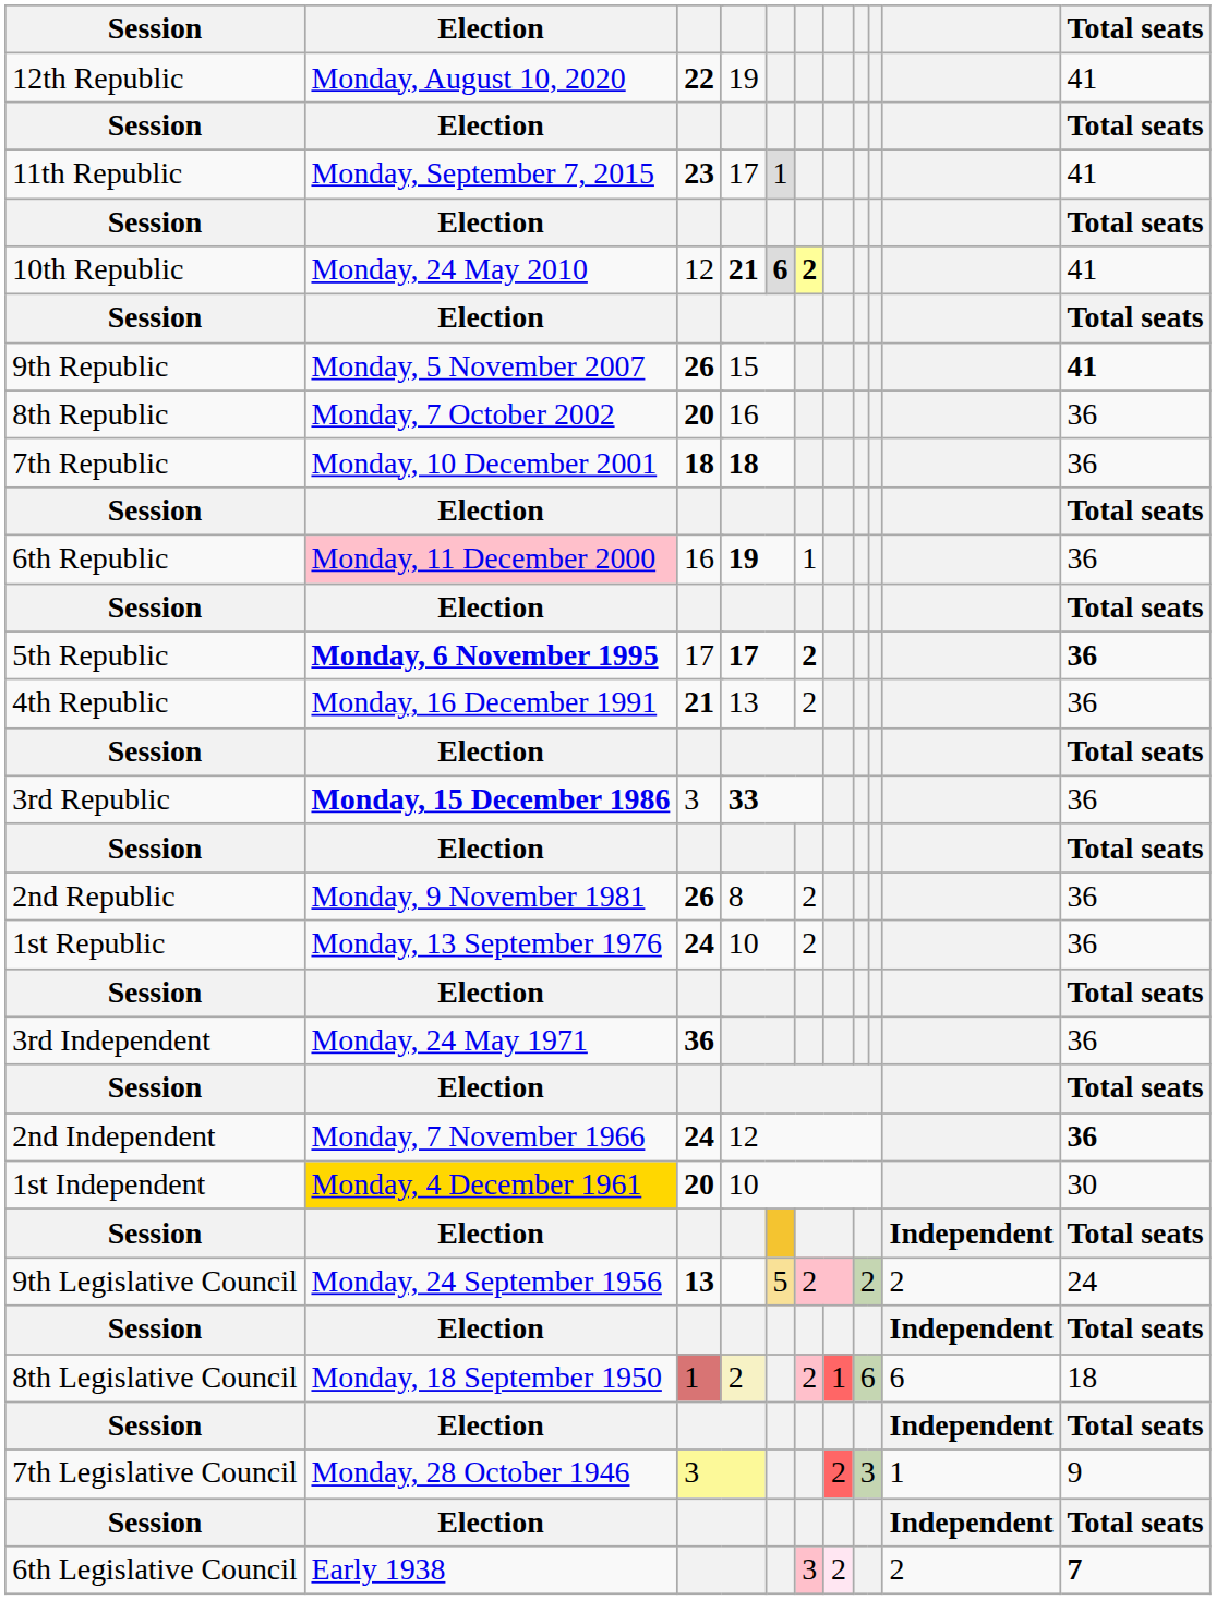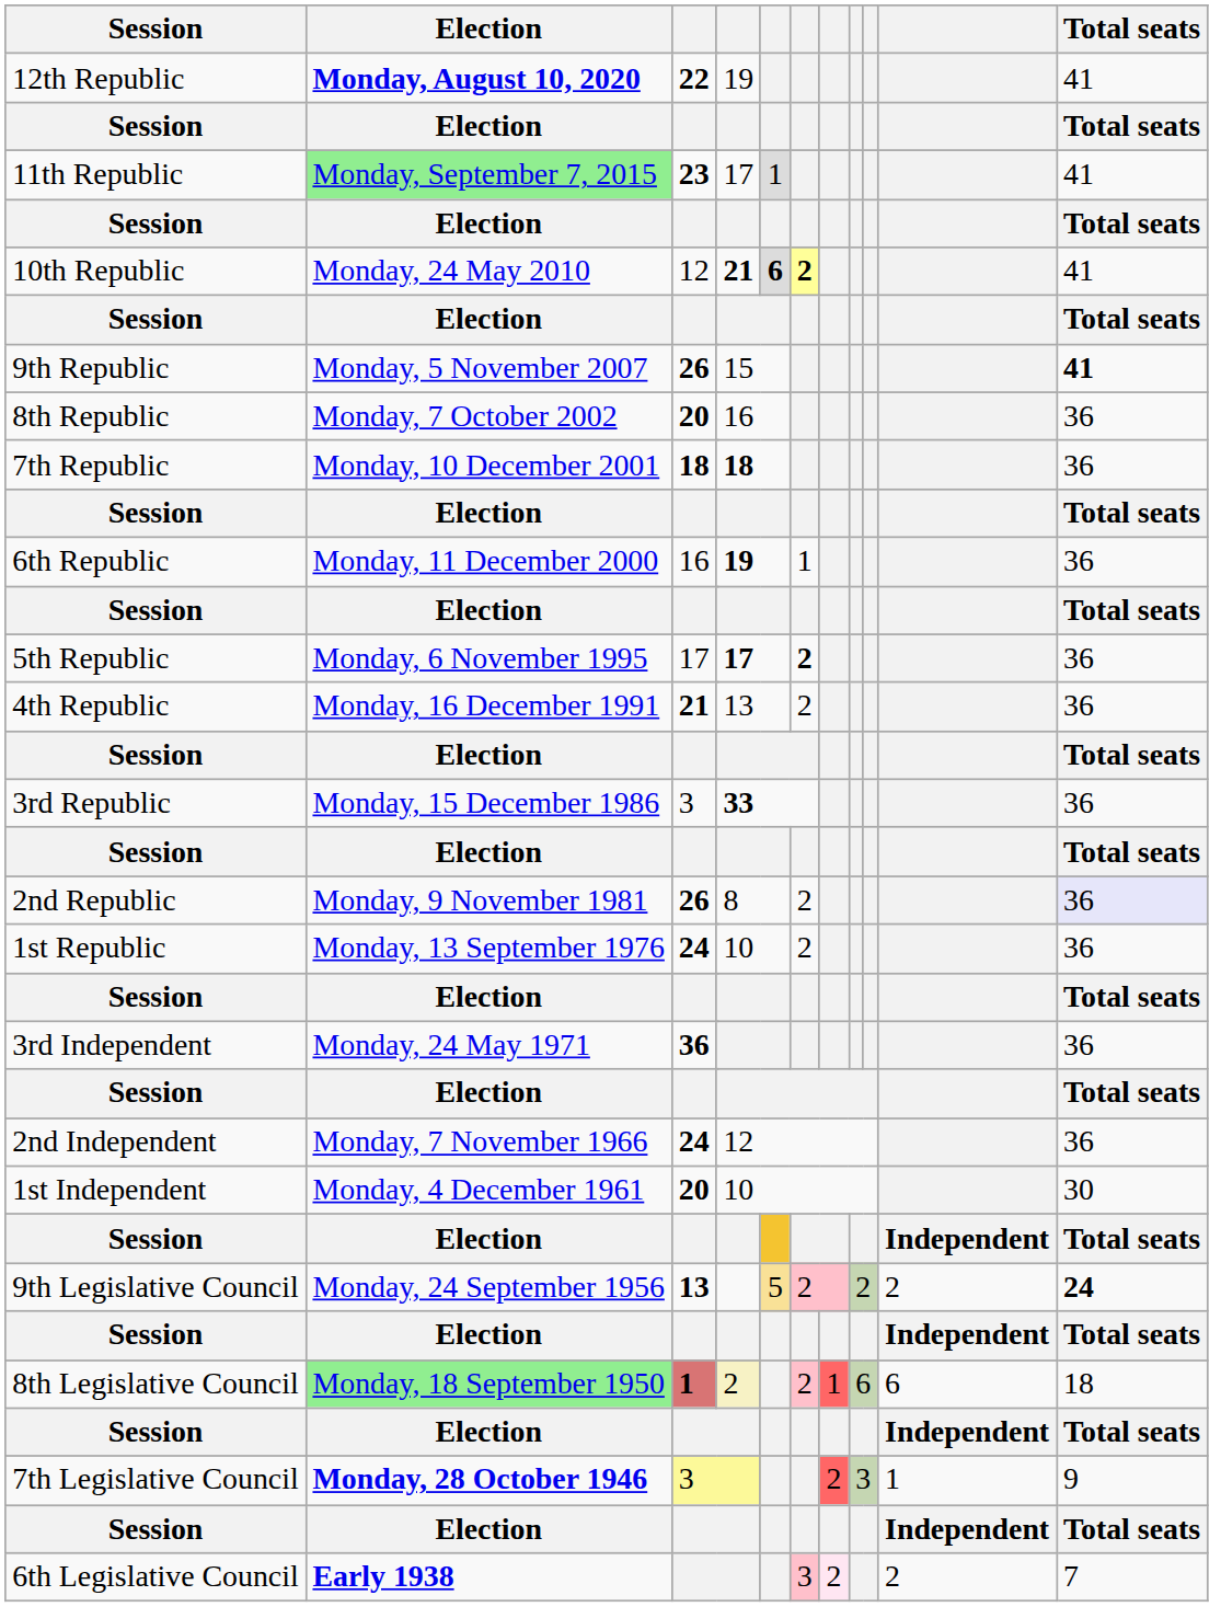 <table class="wikitable">
 <tr>
 <th>Session</th>
 <th>Election</th>
 <th colspan="2" style="background:"><a href='#'></a></th>
 <th style="background:"><a href='#'></a> </th>
 <th></th>
 <th></th>
 <th></th>
 <th></th>
 <th></th>
 <th></th>
 <th>Total seats</th>
 </tr>
 <tr>
 <td>12th Republic</td>
-<td><a href='#'>Monday, August 10, 2020</a></td>
+<td><strong><a href='#'>Monday, August 10, 2020</a></strong></td>
 <td colspan="2" ><strong>22</strong></td>
 <td>19</td>
 <th></th>
 <th></th>
 <th></th>
 <th></th>
 <th></th>
 <th></th>
 <td>41</td>
 </tr>
 <tr>
 <th>Session</th>
 <th>Election</th>
 <th colspan="2" style="background:"><a href='#'></a></th>
 <th style="background:"><a href='#'></a> </th>
 <th style="background:"><a href='#'></a></th>
 <th></th>
 <th></th>
 <th></th>
 <th></th>
 <th></th>
 <th>Total seats</th>
 </tr>
 <tr>
 <td>11th Republic</td>
-<td><a href='#'>Monday, September 7, 2015</a></td>
+<td style="background: lightgreen;"><a href='#'>Monday, September 7, 2015</a></td>
 <td colspan="2" ><strong>23</strong></td>
 <td>17</td>
 <td bgcolor="DCDCDC">1</td>
 <th></th>
 <th></th>
 <th></th>
 <th></th>
 <th></th>
 <td>41</td>
 </tr>
 <tr>
 <th>Session</th>
 <th>Election</th>
 <th colspan="2" style="background:"><a href='#'></a></th>
 <th style="background:"><a href='#'></a> </th>
 <th style="background:"><a href='#'></a></th>
 <th style="background:"><a href='#'></a></th>
 <th></th>
 <th></th>
 <th></th>
 <th></th>
 <th>Total seats</th>
 </tr>
 <tr>
 <td>10th Republic</td>
 <td><a href='#'>Monday, 24 May 2010</a></td>
 <td colspan="2" >12</td>
 <td><strong>21</strong></td>
 <td bgcolor="DCDCDC"><strong>6</strong></td>
 <td bgcolor="ffff99"><strong>2</strong></td>
 <th></th>
 <th></th>
 <th></th>
 <th></th>
 <td>41</td>
 </tr>
 <tr>
 <th>Session</th>
 <th>Election</th>
 <th colspan="2" style="background:"><a href='#'></a></th>
 <th colspan="2" style="background:"><a href='#'></a></th>
 <th></th>
 <th></th>
 <th></th>
 <th></th>
 <th></th>
 <th>Total seats</th>
 </tr>
 <tr>
 <td>9th Republic</td>
 <td><a href='#'>Monday, 5 November 2007</a></td>
 <td colspan="2" ><strong>26</strong></td>
 <td colspan="2" >15</td>
 <th></th>
 <th></th>
 <th></th>
 <th></th>
 <th></th>
 <td><strong>41</strong></td>
 </tr>
 <tr>
 <td>8th Republic</td>
 <td><a href='#'>Monday, 7 October 2002</a></td>
 <td colspan="2" ><strong>20</strong></td>
 <td colspan="2" >16</td>
 <th></th>
 <th></th>
 <th></th>
 <th></th>
 <th></th>
 <td>36</td>
 </tr>
 <tr>
 <td>7th Republic</td>
 <td><a href='#'>Monday, 10 December 2001</a></td>
 <td colspan="2" ><strong>18</strong></td>
 <td colspan="2" ><strong>18</strong></td>
 <th></th>
 <th></th>
 <th></th>
 <th></th>
 <th></th>
 <td>36</td>
 </tr>
 <tr>
 <th>Session</th>
 <th>Election</th>
 <th colspan="2" style="background:"><a href='#'></a></th>
 <th colspan="2" style="background:"><a href='#'></a></th>
 <th style="background:"><a href='#'></a></th>
 <th></th>
 <th></th>
 <th></th>
 <th></th>
 <th>Total seats</th>
 </tr>
 <tr>
 <td>6th Republic</td>
-<td style="background: pink;"><a href='#'>Monday, 11 December 2000</a></td>
+<td><a href='#'>Monday, 11 December 2000</a></td>
 <td colspan="2" >16</td>
 <td colspan="2" ><strong>19</strong></td>
 <td>1</td>
 <th></th>
 <th></th>
 <th></th>
 <th></th>
 <td>36</td>
 </tr>
 <tr>
 <th>Session</th>
 <th>Election</th>
 <th colspan="2" style="background:"><a href='#'></a></th>
 <th colspan="2" style="background:"><a href='#'></a></th>
 <th style="background:"><a href='#'></a></th>
 <th></th>
 <th></th>
 <th></th>
 <th></th>
 <th>Total seats</th>
 </tr>
 <tr>
 <td>5th Republic</td>
-<td><strong><a href='#'>Monday, 6 November 1995</a></strong></td>
+<td><a href='#'>Monday, 6 November 1995</a></td>
 <td colspan="2" >17</td>
 <td colspan="2" ><strong>17</strong></td>
 <td><strong>2</strong></td>
 <th></th>
 <th></th>
 <th></th>
 <th></th>
-<td><strong>36</strong></td>
+<td>36</td>
 </tr>
 <tr>
 <td>4th Republic</td>
 <td><a href='#'>Monday, 16 December 1991</a></td>
 <td colspan="2" ><strong>21</strong></td>
 <td colspan="2" >13</td>
 <td>2</td>
 <th></th>
 <th></th>
 <th></th>
 <th></th>
 <td>36</td>
 </tr>
 <tr>
 <th>Session</th>
 <th>Election</th>
 <th colspan="2" style="background:"><a href='#'></a></th>
 <th colspan="3" style="background:"><a href='#'></a></th>
 <th></th>
 <th></th>
 <th></th>
 <th></th>
 <th>Total seats</th>
 </tr>
 <tr>
 <td>3rd Republic</td>
-<td><strong><a href='#'>Monday, 15 December 1986</a></strong></td>
+<td><a href='#'>Monday, 15 December 1986</a></td>
 <td colspan="2" >3</td>
 <td colspan="3" ><strong>33</strong></td>
 <th></th>
 <th></th>
 <th></th>
 <th></th>
 <td>36</td>
 </tr>
 <tr>
 <th>Session</th>
 <th>Election</th>
 <th colspan="2" style="background:"><a href='#'></a></th>
 <th colspan="2" style="background:"><a href='#'></a></th>
 <th style="background:"><a href='#'></a></th>
 <th></th>
 <th></th>
 <th></th>
 <th></th>
 <th>Total seats</th>
 </tr>
 <tr>
 <td>2nd Republic</td>
 <td><a href='#'>Monday, 9 November 1981</a></td>
 <td colspan="2" ><strong>26</strong></td>
 <td colspan="2" >8</td>
 <td>2</td>
 <th></th>
 <th></th>
 <th></th>
 <th></th>
-<td>36</td>
+<td style="background: lavender;">36</td>
 </tr>
 <tr>
 <td>1st Republic</td>
 <td><a href='#'>Monday, 13 September 1976</a></td>
 <td colspan="2" ><strong>24</strong></td>
 <td colspan="2" >10</td>
 <td>2</td>
 <th></th>
 <th></th>
 <th></th>
 <th></th>
 <td>36</td>
 </tr>
 <tr>
 <th>Session</th>
 <th>Election</th>
 <th colspan="2" style="background:"><a href='#'></a></th>
 <th colspan="2"></th>
 <th></th>
 <th></th>
 <th></th>
 <th></th>
 <th></th>
 <th>Total seats</th>
 </tr>
 <tr>
 <td>3rd Independent</td>
 <td><a href='#'>Monday, 24 May 1971</a></td>
 <td colspan="2" ><strong>36</strong></td>
 <th colspan="2"></th>
 <th></th>
 <th></th>
 <th></th>
 <th></th>
 <th></th>
 <td>36</td>
 </tr>
 <tr>
 <th>Session</th>
 <th>Election</th>
 <th colspan="2" style="background:"><a href='#'></a></th>
 <th colspan="6" style="background:"><a href='#'></a></th>
 <th></th>
 <th>Total seats</th>
 </tr>
 <tr>
 <td>2nd Independent</td>
 <td><a href='#'>Monday, 7 November 1966</a></td>
 <td colspan="2" ><strong>24</strong></td>
 <td colspan="6" >12</td>
 <th></th>
-<td><strong>36</strong></td>
+<td>36</td>
 </tr>
 <tr>
 <td>1st Independent</td>
-<td style="background: gold;"><a href='#'>Monday, 4 December 1961</a></td>
+<td><a href='#'>Monday, 4 December 1961</a></td>
 <td colspan="2" ><strong>20</strong></td>
 <td colspan="6" >10</td>
 <th></th>
 <td>30</td>
 </tr>
 <tr>
 <th>Session</th>
 <th>Election</th>
 <th colspan="2" style="background:"><a href='#'></a></th>
 <th></th>
 <th style="background:#f4c430;"><a href='#'></a></th>
 <th colspan="2" style="background:"><a href='#'></a></th>
 <th colspan="2" style="background:"><a href='#'></a></th>
 <th>Independent</th>
 <th>Total seats</th>
 </tr>
 <tr>
 <td>9th Legislative Council</td>
 <td><a href='#'>Monday, 24 September 1956</a></td>
 <td colspan="2" ><strong>13</strong></td>
 <td></td>
 <td bgcolor="F9E197">5</td>
 <td colspan="2" bgcolor="ffc0cb">2</td>
 <td colspan="2" bgcolor="C5D6B2">2</td>
 <td>2</td>
-<td>24</td>
+<td><strong>24</strong></td>
 </tr>
 <tr>
 <th>Session</th>
 <th>Election</th>
 <th style="background:"><a href='#'></a></th>
 <th colspan="2" style="background:"><a href='#'></a></th>
 <th></th>
 <th style="background:"><a href='#'></a></th>
 <th style="background:"><a href='#'></a></th>
 <th colspan="2" style="background:"><a href='#'></a></th>
 <th>Independent</th>
 <th>Total seats</th>
 </tr>
 <tr>
 <td>8th Legislative Council</td>
-<td><a href='#'>Monday, 18 September 1950</a></td>
-<td bgcolor="D87474">1</td>
+<td style="background: lightgreen;"><a href='#'>Monday, 18 September 1950</a></td>
+<td bgcolor="D87474"><strong>1</strong></td>
 <td colspan="2" bgcolor="F7F2C5">2</td>
 <th></th>
 <td bgcolor="ffc0cb">2</td>
 <td bgcolor="FF6666">1</td>
 <td colspan="2" bgcolor="C5D6B2">6</td>
 <td>6</td>
 <td>18</td>
 </tr>
 <tr>
 <th>Session</th>
 <th>Election</th>
 <th colspan="3" style="background:"><a href='#'></a></th>
 <th></th>
 <th></th>
 <th style="background:"><a href='#'></a></th>
 <th colspan="2" style="background:"><a href='#'></a></th>
 <th>Independent</th>
 <th>Total seats</th>
 </tr>
 <tr>
 <td>7th Legislative Council</td>
-<td><a href='#'>Monday, 28 October 1946</a></td>
+<td><strong><a href='#'>Monday, 28 October 1946</a></strong></td>
 <td colspan="3" bgcolor="FCF999">3</td>
 <th></th>
 <th></th>
 <td bgcolor="FF6666">2</td>
 <td colspan="2" bgcolor="C5D6B2">3</td>
 <td>1</td>
 <td>9</td>
 </tr>
 <tr>
 <th>Session</th>
 <th>Election</th>
 <th colspan="3"></th>
 <th></th>
 <th style="background:"><a href='#'></a></th>
 <th style="background:"></th>
 <th colspan="2"></th>
 <th>Independent</th>
 <th>Total seats</th>
 </tr>
 <tr>
 <td>6th Legislative Council</td>
-<td><a href='#'>Early 1938</a></td>
+<td><strong><a href='#'>Early 1938</a></strong></td>
 <th colspan="3"></th>
 <th></th>
 <td bgcolor="ffc0cb">3</td>
 <td bgcolor="ffe6f2">2</td>
 <th colspan="2"></th>
 <td>2</td>
-<td><strong>7</strong></td>
+<td>7</td>
 </tr>
 </table>
